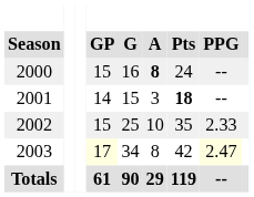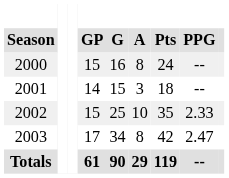 <table BORDER="0" CELLPADDING="3" CELLSPACING="0">
 <tr ALIGN="center" bgcolor="#e0e0e0">
 <th colspan="1" bgcolor="#ffffff"> </th>
 <th rowspan="99" bgcolor="#ffffff"> </th>
 <th rowspan="99" bgcolor="#ffffff"> </th>
 </tr>
 <tr ALIGN="center" bgcolor="#e0e0e0">
 <th>Season</th>
 <th>GP</th>
 <th>G</th>
 <th>A</th>
 <th>Pts</th>
 <th>PPG</th>
 <th></th>
 </tr>
 <tr ALIGN="center" bgcolor="#f0f0f0">
 <td>2000</td>
 <td>15</td>
 <td>16</td>
-<td><strong>8</strong></td>
+<td>8</td>
 <td>24</td>
 <td>--</td>
 <td></td>
 </tr>
 <tr ALIGN="center">
 <td>2001</td>
 <td>14</td>
 <td>15</td>
 <td>3</td>
-<td><strong>18</strong></td>
+<td>18</td>
 <td>--</td>
 <td></td>
 </tr>
 <tr ALIGN="center" bgcolor="#f0f0f0">
 <td>2002</td>
 <td>15</td>
 <td>25</td>
 <td>10</td>
 <td>35</td>
 <td>2.33</td>
 <td></td>
 </tr>
 <tr ALIGN="center">
 <td>2003</td>
-<td style="background: lightyellow;">17</td>
+<td>17</td>
 <td>34</td>
 <td>8</td>
 <td>42</td>
-<td style="background: lightyellow;">2.47</td>
+<td>2.47</td>
 <td></td>
 </tr>
 <tr ALIGN="center" bgcolor="#e0e0e0">
 <th colspan="1.5">Totals</th>
 <th>61</th>
 <th>90</th>
 <th>29</th>
 <th>119</th>
 <th>--</th>
 <th></th>
 </tr>
 </table>
